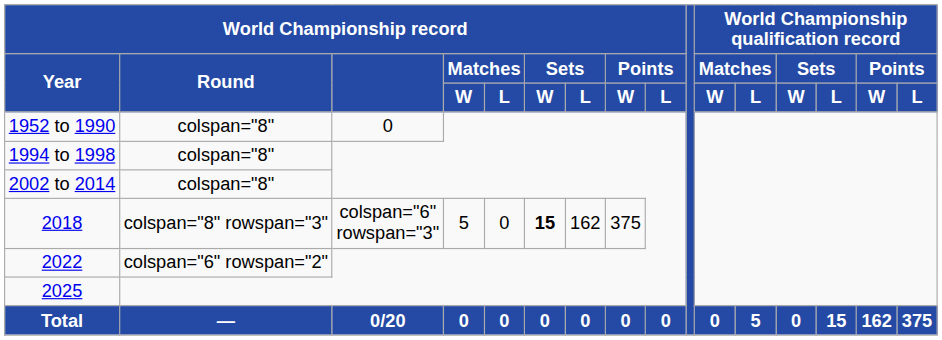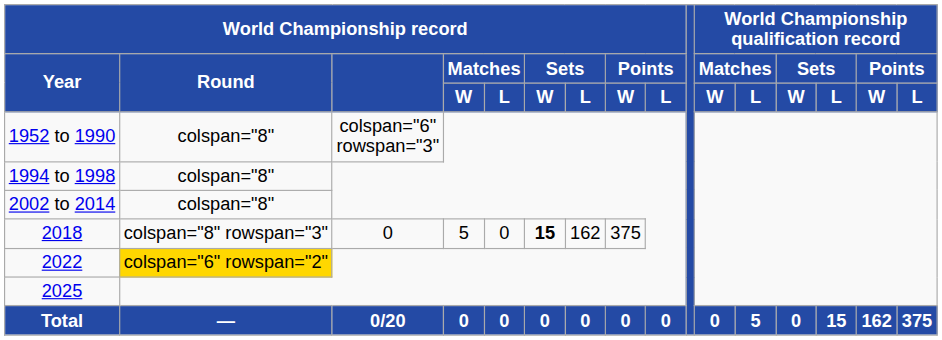 <table class="wikitable" style="text-align: center;">
 <tr>
 <th colspan="9" style="background:#244AA5; color:white; ">World Championship record</th>
 <th rowspan="22" style="background:#244AA5"></th>
 <th colspan="6" style="background:#244AA5; color:white; ">World Championship<br>qualification record</th>
 </tr>
 <tr>
 <th rowspan="2" style="background:#244AA5; color:white; ">Year</th>
 <th rowspan="2" style="background:#244AA5; color:white; ">Round</th>
 <th rowspan="2" width="28" style="background:#244AA5; color:white; "></th>
 <th colspan="2" width="28" style="background:#244AA5; color:white; ">Matches</th>
 <th colspan="2" width="28" style="background:#244AA5; color:white; ">Sets</th>
 <th colspan="2" width="28" style="background:#244AA5; color:white; ">Points</th>
 <th colspan="2" width="28" style="background:#244AA5; color:white; ">Matches</th>
 <th colspan="2" width="28" style="background:#244AA5; color:white; ">Sets</th>
 <th colspan="2" width="28" style="background:#244AA5; color:white; ">Points</th>
 </tr>
 <tr>
 <th width="28" style="background:#244AA5; color:white; ">W</th>
 <th width="28" style="background:#244AA5; color:white; ">L</th>
 <th width="28" style="background:#244AA5; color:white; ">W</th>
 <th width="28" style="background:#244AA5; color:white; ">L</th>
 <th width="28" style="background:#244AA5; color:white; ">W</th>
 <th width="28" style="background:#244AA5; color:white; ">L</th>
 <th width="28" style="background:#244AA5; color:white; ">W</th>
 <th width="28" style="background:#244AA5; color:white; ">L</th>
 <th width="28" style="background:#244AA5; color:white; ">W</th>
 <th width="28" style="background:#244AA5; color:white; ">L</th>
 <th width="28" style="background:#244AA5; color:white; ">W</th>
 <th width="28" style="background:#244AA5; color:white; ">L</th>
 </tr>
 <tr>
 <td> <a href='#'>1952</a> to  <a href='#'>1990</a></td>
 <td>colspan="8" </td>
-<td>0</td>
+<td>colspan="6" rowspan="3" </td>
 </tr>
 <tr>
 <td> <a href='#'>1994</a> to  <a href='#'>1998</a></td>
 <td>colspan="8" </td>
 </tr>
 <tr>
 <td> <a href='#'>2002</a> to  <a href='#'>2014</a></td>
 <td>colspan="8" </td>
 </tr>
 <tr>
 <td> <a href='#'>2018</a></td>
 <td>colspan="8" rowspan="3" </td>
-<td>colspan="6" rowspan="3" </td>
+<td>0</td>
 <td>5</td>
 <td>0</td>
 <td><strong>15</strong></td>
 <td>162</td>
 <td>375</td>
 </tr>
 <tr>
 <td>  <a href='#'>2022</a></td>
-<td>colspan="6" rowspan="2" </td>
+<td style="background: gold;">colspan="6" rowspan="2" </td>
 </tr>
 <tr>
 <td> <a href='#'>2025</a></td>
 </tr>
 <tr>
 <th style="background:#244AA5; color:white; ">Total</th>
 <th style="background:#244AA5; color:white; ">—</th>
 <th style="background:#244AA5; color:white; ">0/20</th>
 <th style="background:#244AA5; color:white; ">0</th>
 <th style="background:#244AA5; color:white; ">0</th>
 <th style="background:#244AA5; color:white; ">0</th>
 <th style="background:#244AA5; color:white; ">0</th>
 <th style="background:#244AA5; color:white; ">0</th>
 <th style="background:#244AA5; color:white; ">0</th>
 <th style="background:#244AA5; color:white; ">0</th>
 <th style="background:#244AA5; color:white; ">5</th>
 <th style="background:#244AA5; color:white; ">0</th>
 <th style="background:#244AA5; color:white; ">15</th>
 <th style="background:#244AA5; color:white; ">162</th>
 <th style="background:#244AA5; color:white; ">375</th>
 </tr>
 </table>
